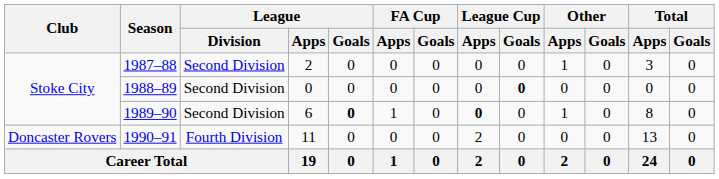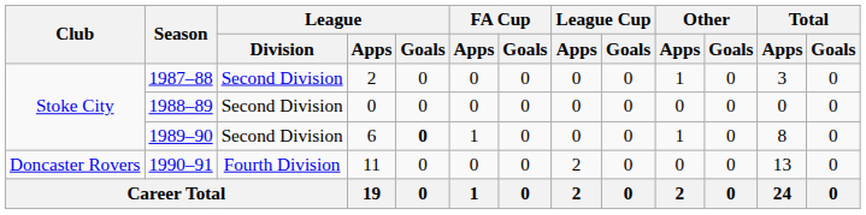 <table class="wikitable" style="text-align: center;">
 <tr>
 <th rowspan="2">Club</th>
 <th rowspan="2">Season</th>
 <th colspan="3">League</th>
 <th colspan="2">FA Cup</th>
 <th colspan="2">League Cup</th>
 <th colspan="2">Other</th>
 <th colspan="2">Total</th>
 </tr>
 <tr>
 <th>Division</th>
 <th>Apps</th>
 <th>Goals</th>
 <th>Apps</th>
 <th>Goals</th>
 <th>Apps</th>
 <th>Goals</th>
 <th>Apps</th>
 <th>Goals</th>
 <th>Apps</th>
 <th>Goals</th>
 </tr>
 <tr>
 <td rowspan="3"><a href='#'>Stoke City</a></td>
 <td><a href='#'>1987–88</a></td>
 <td><a href='#'>Second Division</a></td>
 <td>2</td>
 <td>0</td>
 <td>0</td>
 <td>0</td>
 <td>0</td>
 <td>0</td>
 <td>1</td>
 <td>0</td>
 <td>3</td>
 <td>0</td>
 </tr>
 <tr>
 <td><a href='#'>1988–89</a></td>
 <td>Second Division</td>
 <td>0</td>
 <td>0</td>
 <td>0</td>
 <td>0</td>
 <td>0</td>
-<td><strong>0</strong></td>
+<td>0</td>
 <td>0</td>
 <td>0</td>
 <td>0</td>
 <td>0</td>
 </tr>
 <tr>
 <td><a href='#'>1989–90</a></td>
 <td>Second Division</td>
 <td>6</td>
 <td><strong>0</strong></td>
 <td>1</td>
 <td>0</td>
-<td><strong>0</strong></td>
+<td>0</td>
 <td>0</td>
 <td>1</td>
 <td>0</td>
 <td>8</td>
 <td>0</td>
 </tr>
 <tr>
 <td><a href='#'>Doncaster Rovers</a></td>
 <td><a href='#'>1990–91</a></td>
 <td><a href='#'>Fourth Division</a></td>
 <td>11</td>
 <td>0</td>
 <td>0</td>
 <td>0</td>
 <td>2</td>
 <td>0</td>
 <td>0</td>
 <td>0</td>
 <td>13</td>
 <td>0</td>
 </tr>
 <tr>
 <th colspan="3">Career Total</th>
 <th>19</th>
 <th>0</th>
 <th>1</th>
 <th>0</th>
 <th>2</th>
 <th>0</th>
 <th>2</th>
 <th>0</th>
 <th>24</th>
 <th>0</th>
 </tr>
 </table>
